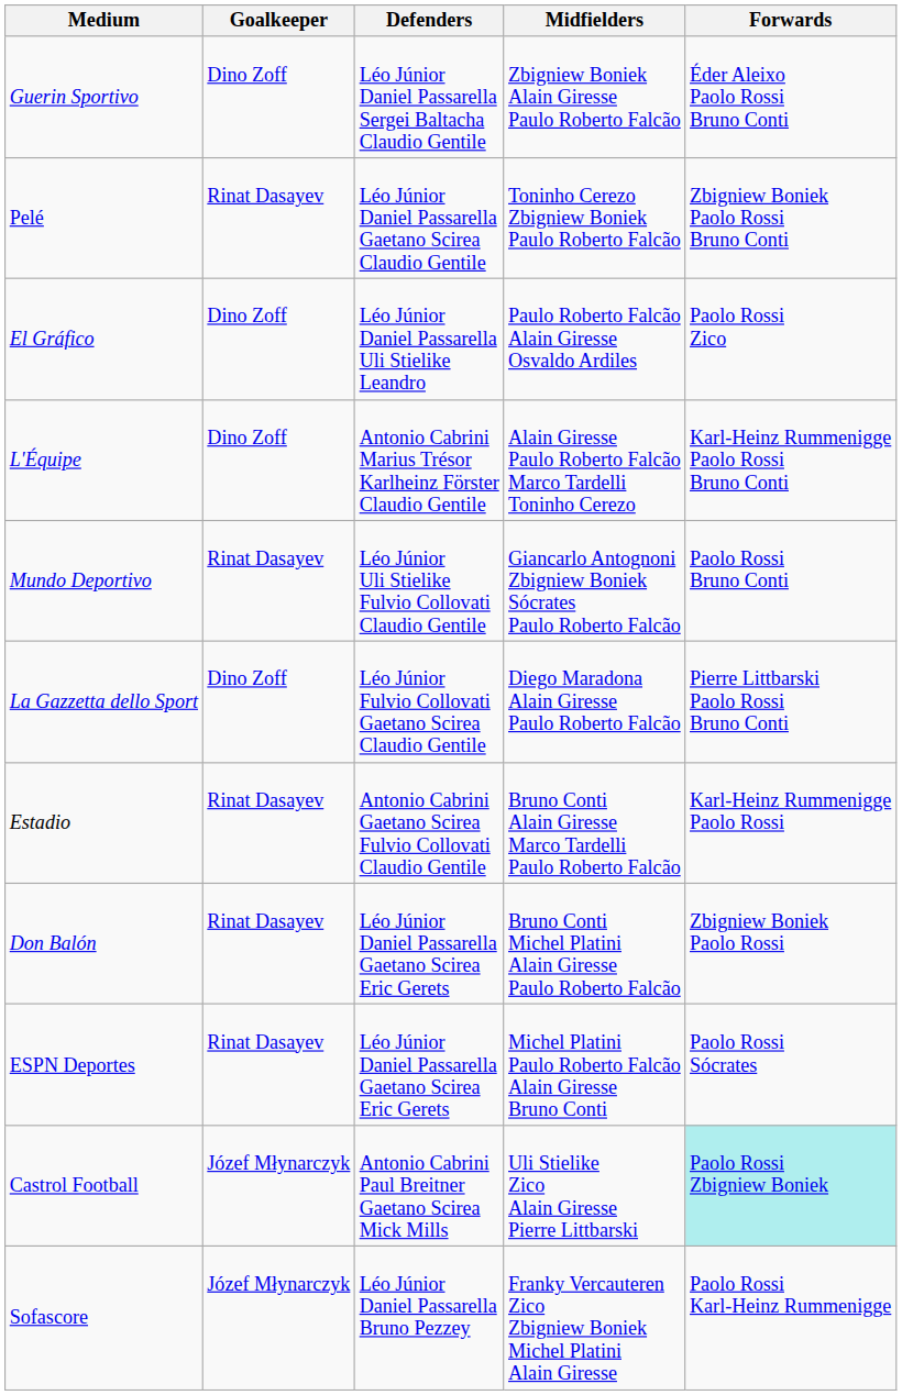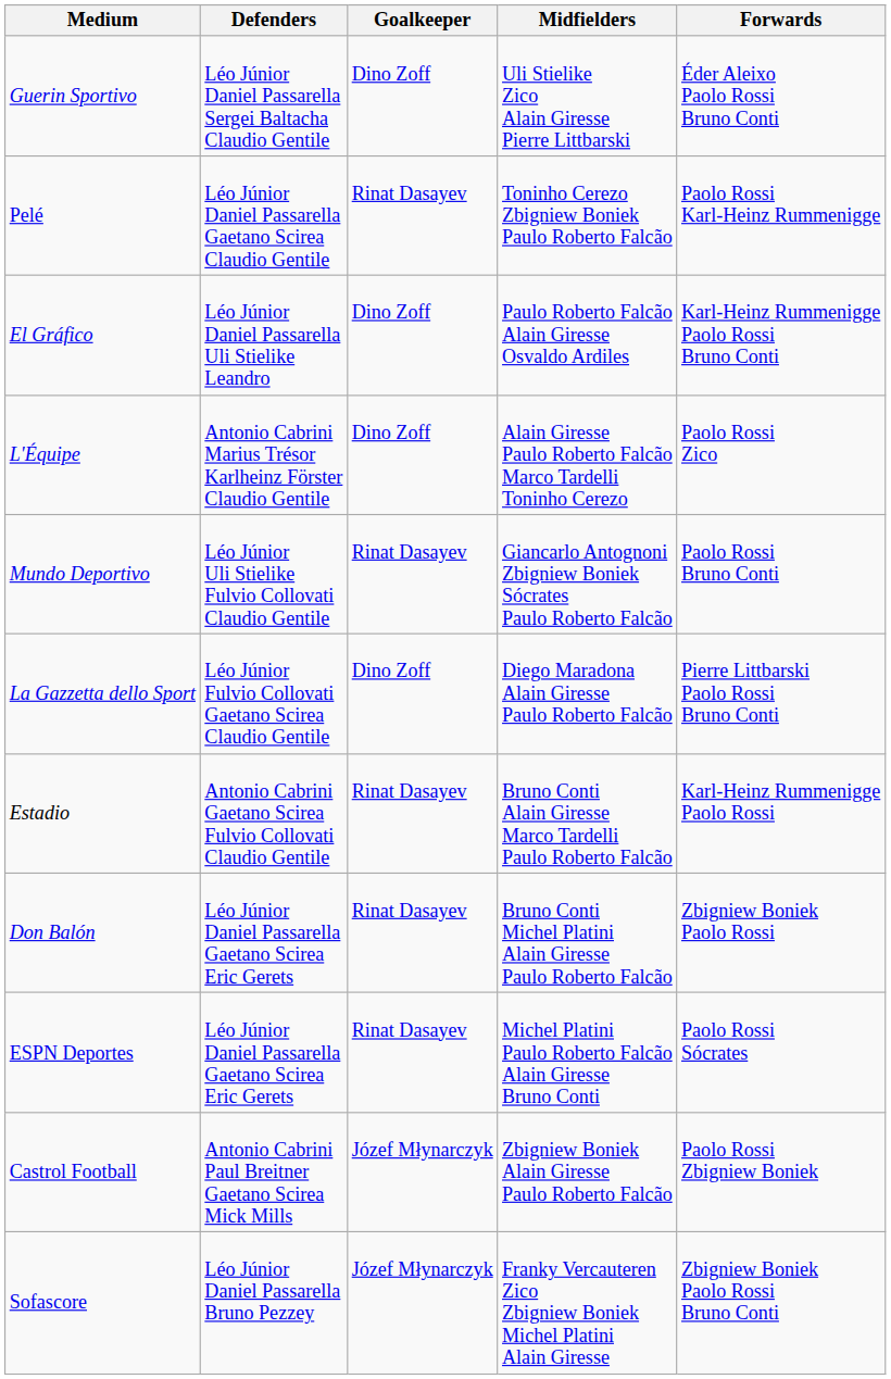 <table class="wikitable">
 <tr>
 <th>Medium</th>
+<th>Defenders</th>
 <th>Goalkeeper</th>
-<th>Defenders</th>
 <th>Midfielders</th>
 <th>Forwards</th>
 </tr>
 <tr>
 <td><em><a href='#'>Guerin Sportivo</a></em></td>
+<td valign="top"><br> <a href='#'>Léo Júnior</a><br>  <a href='#'>Daniel Passarella</a><br>  <a href='#'>Sergei Baltacha</a><br>  <a href='#'>Claudio Gentile</a></td>
 <td valign="top"><br> <a href='#'>Dino Zoff</a></td>
-<td valign="top"><br> <a href='#'>Léo Júnior</a><br>  <a href='#'>Daniel Passarella</a><br>  <a href='#'>Sergei Baltacha</a><br>  <a href='#'>Claudio Gentile</a></td>
-<td valign="top"><br> <a href='#'>Zbigniew Boniek</a><br>  <a href='#'>Alain Giresse</a><br>  <a href='#'>Paulo Roberto Falcão</a></td>
+<td valign="top"><br> <a href='#'>Uli Stielike</a><br>  <a href='#'>Zico</a><br>  <a href='#'>Alain Giresse</a><br>  <a href='#'>Pierre Littbarski</a></td>
 <td valign="top"><br> <a href='#'>Éder Aleixo</a><br>  <a href='#'>Paolo Rossi</a><br>  <a href='#'>Bruno Conti</a></td>
 </tr>
 <tr>
 <td><a href='#'>Pelé</a></td>
+<td valign="top"><br> <a href='#'>Léo Júnior</a><br>  <a href='#'>Daniel Passarella</a><br>  <a href='#'>Gaetano Scirea</a><br>  <a href='#'>Claudio Gentile</a></td>
 <td valign="top"><br> <a href='#'>Rinat Dasayev</a></td>
-<td valign="top"><br> <a href='#'>Léo Júnior</a><br>  <a href='#'>Daniel Passarella</a><br>  <a href='#'>Gaetano Scirea</a><br>  <a href='#'>Claudio Gentile</a></td>
 <td valign="top"><br> <a href='#'>Toninho Cerezo</a><br>  <a href='#'>Zbigniew Boniek</a><br>  <a href='#'>Paulo Roberto Falcão</a></td>
-<td valign="top"><br> <a href='#'>Zbigniew Boniek</a><br>  <a href='#'>Paolo Rossi</a><br>  <a href='#'>Bruno Conti</a></td>
+<td valign="top"><br> <a href='#'>Paolo Rossi</a><br>  <a href='#'>Karl-Heinz Rummenigge</a></td>
 </tr>
 <tr>
 <td><em><a href='#'>El Gráfico</a></em></td>
+<td valign="top"><br> <a href='#'>Léo Júnior</a><br>  <a href='#'>Daniel Passarella</a><br>  <a href='#'>Uli Stielike</a><br>  <a href='#'>Leandro</a></td>
 <td valign="top"><br> <a href='#'>Dino Zoff</a></td>
-<td valign="top"><br> <a href='#'>Léo Júnior</a><br>  <a href='#'>Daniel Passarella</a><br>  <a href='#'>Uli Stielike</a><br>  <a href='#'>Leandro</a></td>
 <td valign="top"><br> <a href='#'>Paulo Roberto Falcão</a><br>  <a href='#'>Alain Giresse</a><br>  <a href='#'>Osvaldo Ardiles</a></td>
+<td valign="top"><br> <a href='#'>Karl-Heinz Rummenigge</a><br>  <a href='#'>Paolo Rossi</a><br>  <a href='#'>Bruno Conti</a></td>
+</tr>
+<tr>
+<td><em><a href='#'>L'Équipe</a></em></td>
+<td valign="top"><br> <a href='#'>Antonio Cabrini</a><br>  <a href='#'>Marius Trésor</a><br>  <a href='#'>Karlheinz Förster</a><br>  <a href='#'>Claudio Gentile</a></td>
+<td valign="top"><br> <a href='#'>Dino Zoff</a></td>
+<td valign="top"><br> <a href='#'>Alain Giresse</a><br>  <a href='#'>Paulo Roberto Falcão</a><br>  <a href='#'>Marco Tardelli</a><br>  <a href='#'>Toninho Cerezo</a></td>
 <td valign="top"><br> <a href='#'>Paolo Rossi</a><br>  <a href='#'>Zico</a></td>
 </tr>
 <tr>
-<td><em><a href='#'>L'Équipe</a></em></td>
-<td valign="top"><br> <a href='#'>Dino Zoff</a></td>
-<td valign="top"><br> <a href='#'>Antonio Cabrini</a><br>  <a href='#'>Marius Trésor</a><br>  <a href='#'>Karlheinz Förster</a><br>  <a href='#'>Claudio Gentile</a></td>
-<td valign="top"><br> <a href='#'>Alain Giresse</a><br>  <a href='#'>Paulo Roberto Falcão</a><br>  <a href='#'>Marco Tardelli</a><br>  <a href='#'>Toninho Cerezo</a></td>
-<td valign="top"><br> <a href='#'>Karl-Heinz Rummenigge</a><br>  <a href='#'>Paolo Rossi</a><br>  <a href='#'>Bruno Conti</a></td>
-</tr>
-<tr>
 <td><em><a href='#'>Mundo Deportivo</a></em></td>
+<td valign="top"><br> <a href='#'>Léo Júnior</a><br>  <a href='#'>Uli Stielike</a><br>  <a href='#'>Fulvio Collovati</a><br>  <a href='#'>Claudio Gentile</a></td>
 <td valign="top"><br> <a href='#'>Rinat Dasayev</a></td>
-<td valign="top"><br> <a href='#'>Léo Júnior</a><br>  <a href='#'>Uli Stielike</a><br>  <a href='#'>Fulvio Collovati</a><br>  <a href='#'>Claudio Gentile</a></td>
 <td valign="top"><br> <a href='#'>Giancarlo Antognoni</a><br>  <a href='#'>Zbigniew Boniek</a><br>  <a href='#'>Sócrates</a><br>  <a href='#'>Paulo Roberto Falcão</a></td>
 <td valign="top"><br> <a href='#'>Paolo Rossi</a><br>  <a href='#'>Bruno Conti</a></td>
 </tr>
 <tr>
 <td><em><a href='#'>La Gazzetta dello Sport</a></em></td>
+<td valign="top"><br> <a href='#'>Léo Júnior</a><br>  <a href='#'>Fulvio Collovati</a><br>  <a href='#'>Gaetano Scirea</a><br>  <a href='#'>Claudio Gentile</a></td>
 <td valign="top"><br> <a href='#'>Dino Zoff</a></td>
-<td valign="top"><br> <a href='#'>Léo Júnior</a><br>  <a href='#'>Fulvio Collovati</a><br>  <a href='#'>Gaetano Scirea</a><br>  <a href='#'>Claudio Gentile</a></td>
 <td valign="top"><br> <a href='#'>Diego Maradona</a><br>  <a href='#'>Alain Giresse</a><br>  <a href='#'>Paulo Roberto Falcão</a></td>
 <td valign="top"><br> <a href='#'>Pierre Littbarski</a><br>  <a href='#'>Paolo Rossi</a><br>  <a href='#'>Bruno Conti</a></td>
 </tr>
 <tr>
 <td><em>Estadio</em></td>
+<td valign="top"><br> <a href='#'>Antonio Cabrini</a><br>  <a href='#'>Gaetano Scirea</a><br>  <a href='#'>Fulvio Collovati</a><br>  <a href='#'>Claudio Gentile</a></td>
 <td valign="top"><br> <a href='#'>Rinat Dasayev</a></td>
-<td valign="top"><br> <a href='#'>Antonio Cabrini</a><br>  <a href='#'>Gaetano Scirea</a><br>  <a href='#'>Fulvio Collovati</a><br>  <a href='#'>Claudio Gentile</a></td>
 <td valign="top"><br> <a href='#'>Bruno Conti</a><br>  <a href='#'>Alain Giresse</a><br>  <a href='#'>Marco Tardelli</a><br>  <a href='#'>Paulo Roberto Falcão</a></td>
 <td valign="top"><br> <a href='#'>Karl-Heinz Rummenigge</a><br>  <a href='#'>Paolo Rossi</a></td>
 </tr>
 <tr>
 <td><em><a href='#'>Don Balón</a></em></td>
+<td valign="top"><br> <a href='#'>Léo Júnior</a><br>  <a href='#'>Daniel Passarella</a><br>  <a href='#'>Gaetano Scirea</a><br>  <a href='#'>Eric Gerets</a></td>
 <td valign="top"><br> <a href='#'>Rinat Dasayev</a></td>
-<td valign="top"><br> <a href='#'>Léo Júnior</a><br>  <a href='#'>Daniel Passarella</a><br>  <a href='#'>Gaetano Scirea</a><br>  <a href='#'>Eric Gerets</a></td>
 <td valign="top"><br> <a href='#'>Bruno Conti</a><br>  <a href='#'>Michel Platini</a><br>  <a href='#'>Alain Giresse</a><br>  <a href='#'>Paulo Roberto Falcão</a></td>
 <td valign="top"><br> <a href='#'>Zbigniew Boniek</a><br>  <a href='#'>Paolo Rossi</a></td>
 </tr>
 <tr>
 <td><a href='#'>ESPN Deportes</a></td>
+<td valign="top"><br> <a href='#'>Léo Júnior</a><br>  <a href='#'>Daniel Passarella</a><br>  <a href='#'>Gaetano Scirea</a><br>  <a href='#'>Eric Gerets</a></td>
 <td valign="top"><br> <a href='#'>Rinat Dasayev</a></td>
-<td valign="top"><br> <a href='#'>Léo Júnior</a><br>  <a href='#'>Daniel Passarella</a><br>  <a href='#'>Gaetano Scirea</a><br>  <a href='#'>Eric Gerets</a></td>
 <td valign="top"><br> <a href='#'>Michel Platini</a><br>  <a href='#'>Paulo Roberto Falcão</a><br>  <a href='#'>Alain Giresse</a><br>  <a href='#'>Bruno Conti</a></td>
 <td valign="top"><br> <a href='#'>Paolo Rossi</a><br>  <a href='#'>Sócrates</a></td>
 </tr>
 <tr>
 <td><a href='#'>Castrol Football</a></td>
+<td valign="top"><br> <a href='#'>Antonio Cabrini</a><br>  <a href='#'>Paul Breitner</a><br>  <a href='#'>Gaetano Scirea</a><br>  <a href='#'>Mick Mills</a></td>
 <td valign="top"><br> <a href='#'>Józef Młynarczyk</a></td>
-<td valign="top"><br> <a href='#'>Antonio Cabrini</a><br>  <a href='#'>Paul Breitner</a><br>  <a href='#'>Gaetano Scirea</a><br>  <a href='#'>Mick Mills</a></td>
-<td valign="top"><br> <a href='#'>Uli Stielike</a><br>  <a href='#'>Zico</a><br>  <a href='#'>Alain Giresse</a><br>  <a href='#'>Pierre Littbarski</a></td>
-<td valign="top" style="background: paleturquoise;"><br> <a href='#'>Paolo Rossi</a><br>  <a href='#'>Zbigniew Boniek</a></td>
+<td valign="top"><br> <a href='#'>Zbigniew Boniek</a><br>  <a href='#'>Alain Giresse</a><br>  <a href='#'>Paulo Roberto Falcão</a></td>
+<td valign="top"><br> <a href='#'>Paolo Rossi</a><br>  <a href='#'>Zbigniew Boniek</a></td>
 </tr>
 <tr>
 <td><a href='#'>Sofascore</a></td>
+<td valign="top"><br> <a href='#'>Léo Júnior</a><br>  <a href='#'>Daniel Passarella</a><br>  <a href='#'>Bruno Pezzey</a></td>
 <td valign="top"><br> <a href='#'>Józef Młynarczyk</a></td>
-<td valign="top"><br> <a href='#'>Léo Júnior</a><br>  <a href='#'>Daniel Passarella</a><br>  <a href='#'>Bruno Pezzey</a></td>
 <td valign="top"><br> <a href='#'>Franky Vercauteren</a><br>  <a href='#'>Zico</a><br>  <a href='#'>Zbigniew Boniek</a><br>  <a href='#'>Michel Platini</a><br>  <a href='#'>Alain Giresse</a></td>
-<td valign="top"><br> <a href='#'>Paolo Rossi</a><br>  <a href='#'>Karl-Heinz Rummenigge</a></td>
+<td valign="top"><br> <a href='#'>Zbigniew Boniek</a><br>  <a href='#'>Paolo Rossi</a><br>  <a href='#'>Bruno Conti</a></td>
 </tr>
 </table>
